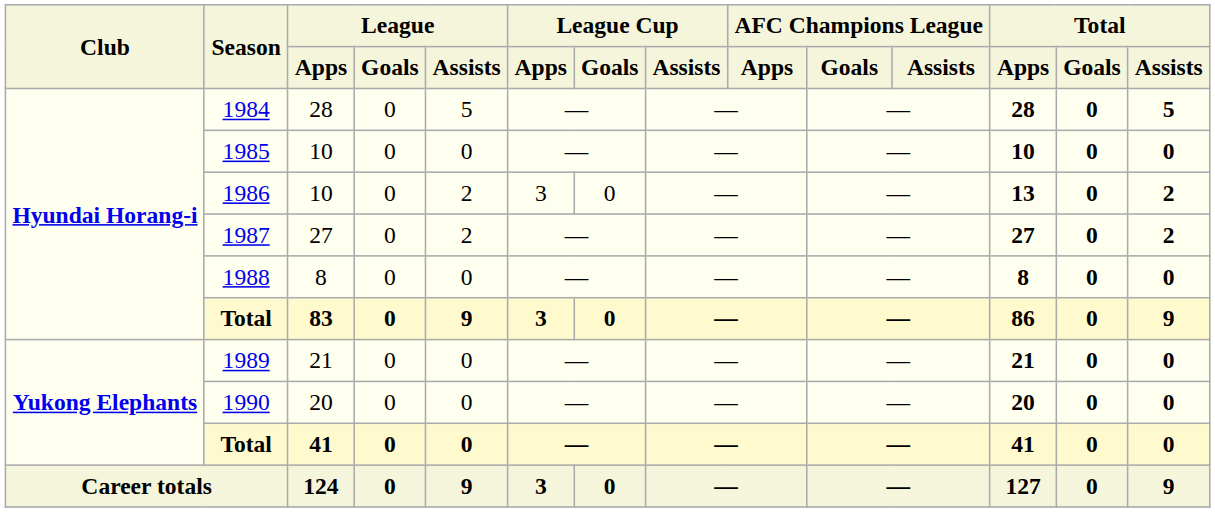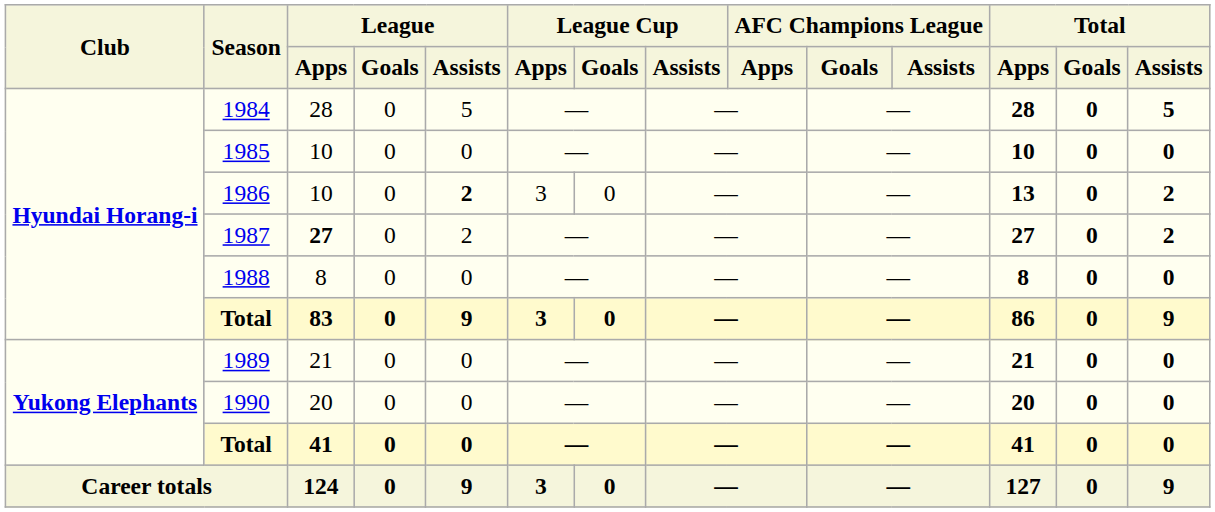 <table border=1 align=center cellpadding=4 cellspacing=2 style="background:ivory; font-size:95%; border:1px #aaaaaa solid; border-collapse:collapse; clear:center">
 <tr style="background:beige">
 <th rowspan="2">Club</th>
 <th rowspan="2">Season</th>
 <th colspan="3">League</th>
 <th colspan="3">League Cup</th>
 <th colspan="3">AFC Champions League</th>
 <th colspan="3">Total</th>
 </tr>
 <tr style="background:beige">
 <th>Apps</th>
 <th>Goals</th>
 <th>Assists</th>
 <th>Apps</th>
 <th>Goals</th>
 <th>Assists</th>
 <th>Apps</th>
 <th>Goals</th>
 <th>Assists</th>
 <th>Apps</th>
 <th>Goals</th>
 <th>Assists</th>
 </tr>
 <tr>
 <td rowspan="6" align=center align=center><strong><a href='#'>Hyundai Horang-i</a></strong></td>
 <td align="center"><a href='#'>1984</a></td>
 <td align="center">28</td>
 <td align="center">0</td>
 <td align="center">5</td>
 <td align="center" colspan=2>—</td>
 <td align="center" colspan=2>—</td>
 <td align="center" colspan=2>—</td>
 <th>28</th>
 <th>0</th>
 <th>5</th>
 </tr>
 <tr>
 <td align="center"><a href='#'>1985</a></td>
 <td align="center">10</td>
 <td align="center">0</td>
 <td align="center">0</td>
 <td align="center" colspan=2>—</td>
 <td align="center" colspan=2>—</td>
 <td align="center" colspan=2>—</td>
 <th>10</th>
 <th>0</th>
 <th>0</th>
 </tr>
 <tr>
 <td align="center"><a href='#'>1986</a></td>
 <td align="center">10</td>
 <td align="center">0</td>
-<td align="center">2</td>
+<td align="center"><strong>2</strong></td>
 <td align="center">3</td>
 <td align="center">0</td>
 <td align="center" colspan=2>—</td>
 <td align="center" colspan=2>—</td>
 <th>13</th>
 <th>0</th>
 <th>2</th>
 </tr>
 <tr>
 <td align="center"><a href='#'>1987</a></td>
-<td align="center">27</td>
+<td align="center"><strong>27</strong></td>
 <td align="center">0</td>
 <td align="center">2</td>
 <td align="center" colspan=2>—</td>
 <td align="center" colspan=2>—</td>
 <td align="center" colspan=2>—</td>
 <th>27</th>
 <th>0</th>
 <th>2</th>
 </tr>
 <tr>
 <td align="center"><a href='#'>1988</a></td>
 <td align="center">8</td>
 <td align="center">0</td>
 <td align="center">0</td>
 <td align="center" colspan=2>—</td>
 <td align="center" colspan=2>—</td>
 <td align="center" colspan=2>—</td>
 <th>8</th>
 <th>0</th>
 <th>0</th>
 </tr>
 <tr style="background:lemonchiffon">
 <th>Total</th>
 <th>83</th>
 <th>0</th>
 <th>9</th>
 <th>3</th>
 <th>0</th>
 <th colspan=2>—</th>
 <th colspan=2>—</th>
 <th>86</th>
 <th>0</th>
 <th>9</th>
 </tr>
 <tr>
 <td rowspan="3" align=center valign=center><strong><a href='#'>Yukong Elephants</a></strong></td>
 <td align="center"><a href='#'>1989</a></td>
 <td align="center">21</td>
 <td align="center">0</td>
 <td align="center">0</td>
 <td align="center" colspan=2>—</td>
 <td align="center" colspan=2>—</td>
 <td align="center" colspan=2>—</td>
 <th>21</th>
 <th>0</th>
 <th>0</th>
 </tr>
 <tr>
 <td align="center"><a href='#'>1990</a></td>
 <td align="center">20</td>
 <td align="center">0</td>
 <td align="center">0</td>
 <td align="center" colspan=2>—</td>
 <td align="center" colspan=2>—</td>
 <td align="center" colspan=2>—</td>
 <th>20</th>
 <th>0</th>
 <th>0</th>
 </tr>
 <tr style="background:lemonchiffon">
 <th>Total</th>
 <th>41</th>
 <th>0</th>
 <th>0</th>
 <th colspan=2>—</th>
 <th colspan=2>—</th>
 <th colspan=2>—</th>
 <th>41</th>
 <th>0</th>
 <th>0</th>
 </tr>
 <tr style="background:beige">
 <th colspan="2">Career totals</th>
 <th>124</th>
 <th>0</th>
 <th>9</th>
 <th>3</th>
 <th>0</th>
 <th colspan=2>—</th>
 <th colspan=2>—</th>
 <th>127</th>
 <th>0</th>
 <th>9</th>
 </tr>
 </table>
